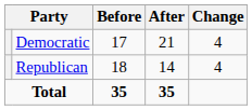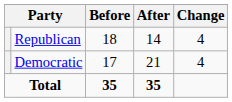 <table class="wikitable" style="text-align:center;">
 <tr>
 </tr>
 <tr>
 <th colspan=2>Party</th>
 <th>Before</th>
 <th>After</th>
 <th>Change</th>
 </tr>
 <tr>
 <th style="background-color:"></th>
-<td style="text-align:left;"><a href='#'>Democratic</a></td>
-<td>17</td>
-<td>21</td>
+<td style="text-align:left;"><a href='#'>Republican</a></td>
+<td>18</td>
+<td>14</td>
 <td> 4</td>
 </tr>
 <tr>
 <th style="background-color:"></th>
-<td style="text-align:left;"><a href='#'>Republican</a></td>
-<td>18</td>
-<td>14</td>
+<td style="text-align:left;"><a href='#'>Democratic</a></td>
+<td>17</td>
+<td>21</td>
 <td> 4</td>
 </tr>
 <tr>
 <td colspan=2><strong>Total</strong></td>
 <td><strong>35</strong></td>
 <td><strong>35</strong></td>
 <td></td>
 </tr>
 </table>
